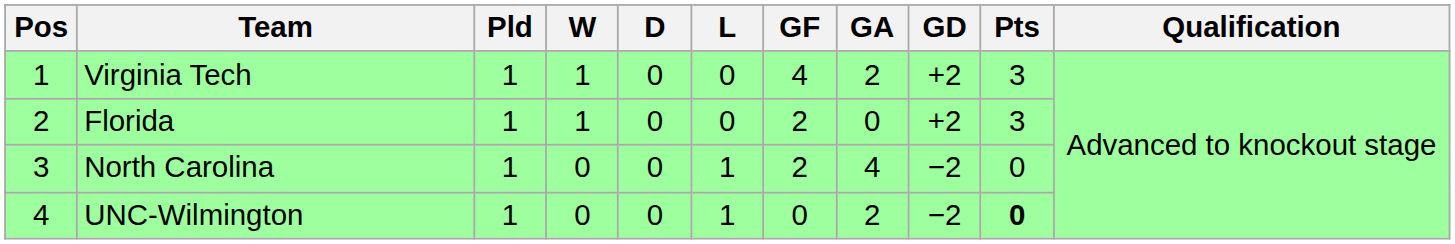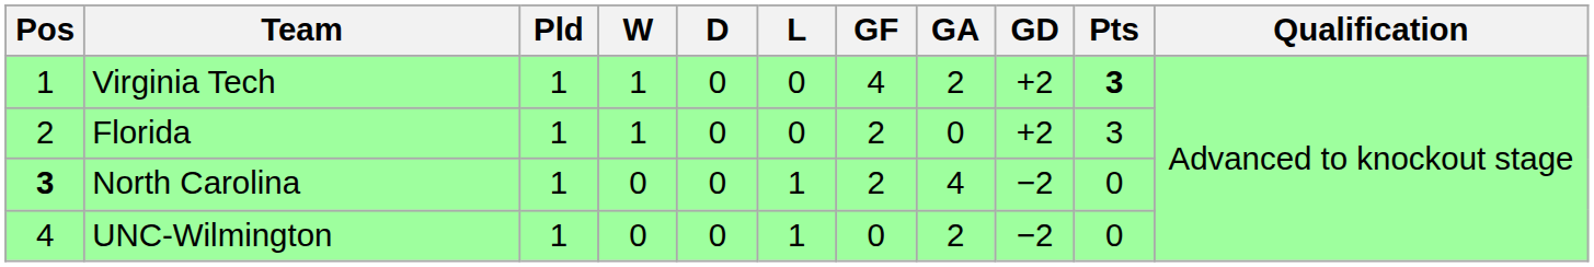 <table class="wikitable" style="text-align:center; margin: 1em auto">
 <tr>
 <th style="width:2em">Pos</th>
 <th style="width:13em">Team</th>
 <th style="width:2em">Pld</th>
 <th style="width:2em">W</th>
 <th style="width:2em">D</th>
 <th style="width:2em">L</th>
 <th style="width:2em">GF</th>
 <th style="width:2em">GA</th>
 <th style="width:2em">GD</th>
 <th style="width:2em">Pts</th>
 <th style="width:13em">Qualification</th>
 </tr>
 <tr bgcolor="#9eff9e">
 <td>1</td>
 <td style="text-align:left">Virginia Tech</td>
 <td>1</td>
 <td>1</td>
 <td>0</td>
 <td>0</td>
 <td>4</td>
 <td>2</td>
 <td>+2</td>
-<td>3</td>
+<td><strong>3</strong></td>
 <td rowspan="4">Advanced to knockout stage</td>
 </tr>
 <tr bgcolor="#9eff9e">
 <td>2</td>
 <td style="text-align:left">Florida</td>
 <td>1</td>
 <td>1</td>
 <td>0</td>
 <td>0</td>
 <td>2</td>
 <td>0</td>
 <td>+2</td>
 <td>3</td>
 </tr>
 <tr bgcolor="#9eff9e">
-<td>3</td>
+<td><strong>3</strong></td>
 <td style="text-align:left">North Carolina</td>
 <td>1</td>
 <td>0</td>
 <td>0</td>
 <td>1</td>
 <td>2</td>
 <td>4</td>
 <td>−2</td>
 <td>0</td>
 </tr>
 <tr bgcolor="#9eff9e">
 <td>4</td>
 <td style="text-align:left">UNC-Wilmington</td>
 <td>1</td>
 <td>0</td>
 <td>0</td>
 <td>1</td>
 <td>0</td>
 <td>2</td>
 <td>−2</td>
-<td><strong>0</strong></td>
+<td>0</td>
 </tr>
 </table>
